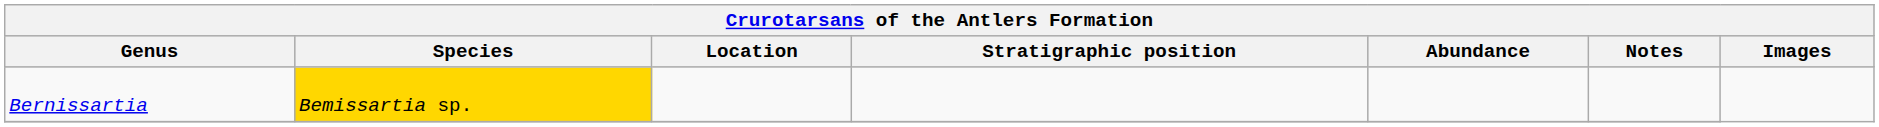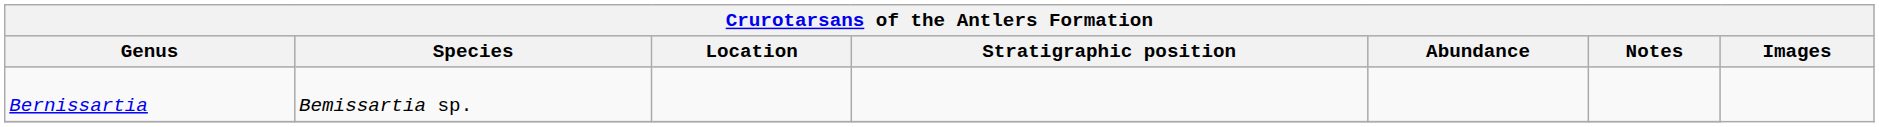 <table class="wikitable" align="center" width="100%">
 <tr>
 <th colspan="7" align="center"><strong><a href='#'>Crurotarsans</a> of the Antlers Formation</strong></th>
 </tr>
 <tr>
 <th>Genus</th>
 <th>Species</th>
 <th>Location</th>
 <th>Stratigraphic position</th>
 <th>Abundance</th>
 <th>Notes</th>
 <th>Images</th>
 </tr>
 <tr>
 <td><br><em><a href='#'>Bernissartia</a></em></td>
-<td style="background: gold;"><br><em>Bemissartia</em> sp.</td>
+<td><br><em>Bemissartia</em> sp.</td>
 <td></td>
 <td></td>
 <td></td>
 <td></td>
 <td rowspan="99"><br></td>
 </tr>
 <tr>
 </tr>
 </table>
